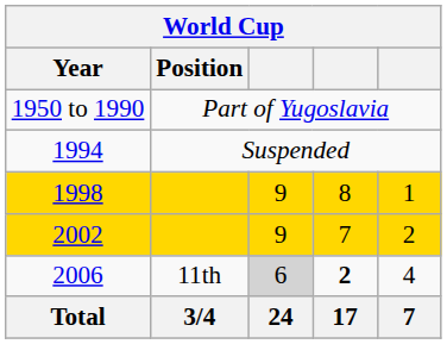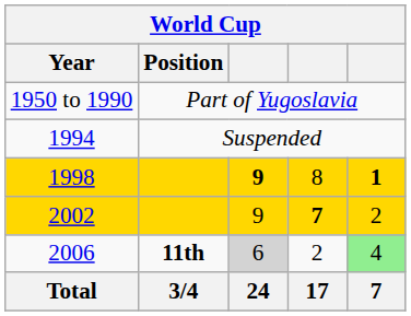 <table class="wikitable" style="text-align: center;font-size:90%;">
 <tr>
 <th colspan=5><a href='#'>World Cup</a></th>
 </tr>
 <tr>
 <th>Year</th>
 <th>Position</th>
 <th width=30></th>
 <th width=30></th>
 <th width=30></th>
 </tr>
 <tr>
 <td><a href='#'>1950</a> to <a href='#'>1990</a></td>
 <td colspan=4><em>Part of <a href='#'>Yugoslavia</a></em></td>
 </tr>
 <tr>
 <td> <a href='#'>1994</a></td>
 <td colspan=4><em>Suspended</em></td>
 </tr>
 <tr>
 <td style="background:gold;"> <a href='#'>1998</a></td>
 <td style="background:gold;"></td>
-<td style="background:gold;">9</td>
+<td style="background:gold;"><strong>9</strong></td>
 <td style="background:gold;">8</td>
-<td style="background:gold;">1</td>
+<td style="background:gold;"><strong>1</strong></td>
 </tr>
 <tr>
 <td style="background:gold;"> <a href='#'>2002</a></td>
 <td style="background:gold;"></td>
 <td style="background:gold;">9</td>
-<td style="background:gold;">7</td>
+<td style="background:gold;"><strong>7</strong></td>
 <td style="background:gold;">2</td>
 </tr>
 <tr>
 <td> <a href='#'>2006</a></td>
-<td>11th</td>
+<td><strong>11th</strong></td>
 <td style="background: lightgrey;">6</td>
-<td><strong>2</strong></td>
-<td>4</td>
+<td>2</td>
+<td style="background: lightgreen;">4</td>
 </tr>
 <tr>
 <th>Total</th>
 <th>3/4</th>
 <th>24</th>
 <th>17</th>
 <th>7</th>
 </tr>
 </table>
